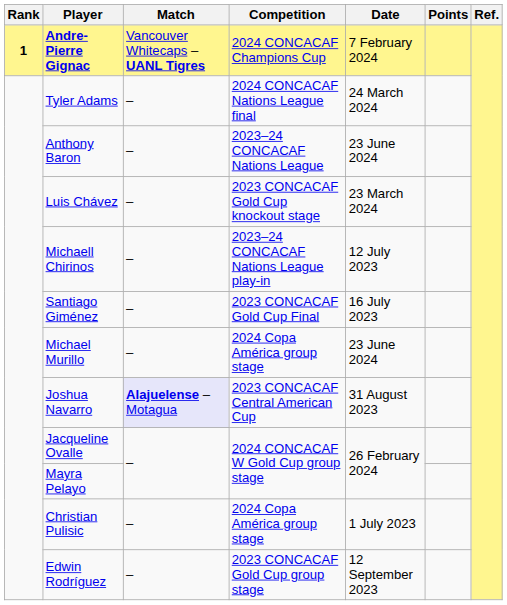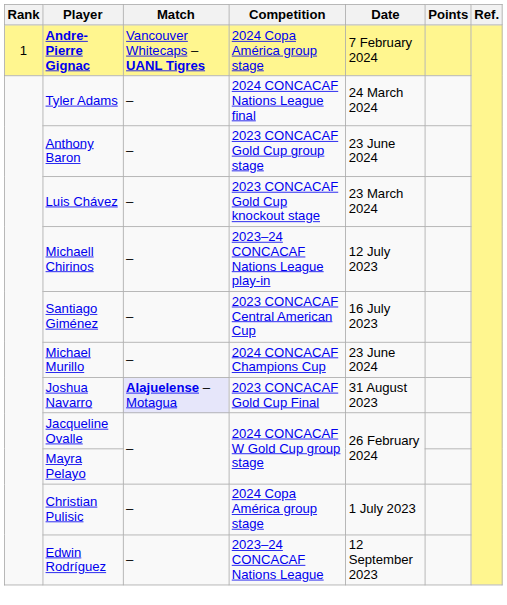 <table class="wikitable">
 <tr>
 <th>Rank</th>
 <th>Player</th>
 <th>Match</th>
 <th>Competition</th>
 <th>Date</th>
 <th>Points</th>
 <th>Ref.</th>
 </tr>
 <tr bgcolor="#FFF68F">
-<td align="center"><strong>1</strong></td>
+<td align="center">1</td>
 <td><strong> <a href='#'>Andre-Pierre Gignac</a></strong></td>
 <td><a href='#'>Vancouver Whitecaps</a> – <strong><a href='#'>UANL Tigres</a></strong></td>
-<td><a href='#'>2024 CONCACAF Champions Cup</a></td>
+<td><a href='#'>2024 Copa América group stage</a></td>
 <td>7 February 2024</td>
 <td align="center"></td>
 <td rowspan=12></td>
 </tr>
 <tr>
 <td rowspan=11></td>
 <td> <a href='#'>Tyler Adams</a></td>
 <td><strong></strong> – </td>
 <td><a href='#'>2024 CONCACAF Nations League final</a></td>
 <td>24 March 2024</td>
 <td align="center"></td>
 </tr>
 <tr>
 <td> <a href='#'>Anthony Baron</a></td>
 <td> – <strong></strong></td>
-<td><a href='#'>2023–24 CONCACAF Nations League</a></td>
+<td><a href='#'>2023 CONCACAF Gold Cup group stage</a></td>
 <td>23 June 2024</td>
 <td align="center"></td>
 </tr>
 <tr>
 <td> <a href='#'>Luis Chávez</a></td>
 <td> – <strong></strong></td>
 <td><a href='#'>2023 CONCACAF Gold Cup knockout stage</a></td>
 <td>23 March 2024</td>
 <td align="center"></td>
 </tr>
 <tr>
 <td> <a href='#'>Michaell Chirinos</a></td>
 <td> – <strong></strong></td>
 <td><a href='#'>2023–24 CONCACAF Nations League play-in</a></td>
 <td>12 July 2023</td>
 <td align="center"></td>
 </tr>
 <tr>
 <td> <a href='#'>Santiago Giménez</a></td>
 <td> – <strong></strong></td>
-<td><a href='#'>2023 CONCACAF Gold Cup Final</a></td>
+<td><a href='#'>2023 CONCACAF Central American Cup</a></td>
 <td>16 July 2023</td>
 <td align="center"></td>
 </tr>
 <tr>
 <td> <a href='#'>Michael Murillo</a></td>
 <td> – <strong></strong></td>
-<td><a href='#'>2024 Copa América group stage</a></td>
+<td><a href='#'>2024 CONCACAF Champions Cup</a></td>
 <td>23 June 2024</td>
 <td align="center"></td>
 </tr>
 <tr>
 <td> <a href='#'>Joshua Navarro</a></td>
 <td style="background: lavender;"><strong><a href='#'>Alajuelense</a></strong> – <a href='#'>Motagua</a></td>
-<td><a href='#'>2023 CONCACAF Central American Cup</a></td>
+<td><a href='#'>2023 CONCACAF Gold Cup Final</a></td>
 <td>31 August 2023</td>
 <td align="center"></td>
 </tr>
 <tr>
 <td> <a href='#'>Jacqueline Ovalle</a></td>
 <td rowspan=2> – </td>
 <td rowspan=2><a href='#'>2024 CONCACAF W Gold Cup group stage</a></td>
 <td rowspan=2>26 February 2024</td>
 <td align="center"></td>
 </tr>
 <tr>
 <td> <a href='#'>Mayra Pelayo</a></td>
 <td align="center"></td>
 </tr>
 <tr>
 <td> <a href='#'>Christian Pulisic</a></td>
 <td><strong></strong> – </td>
 <td><a href='#'>2024 Copa América group stage</a></td>
 <td>1 July 2023</td>
 <td align="center"></td>
 </tr>
 <tr>
 <td> <a href='#'>Edwin Rodríguez</a></td>
 <td><strong></strong> – </td>
-<td><a href='#'>2023 CONCACAF Gold Cup group stage</a></td>
+<td><a href='#'>2023–24 CONCACAF Nations League</a></td>
 <td>12 September 2023</td>
 <td align="center"></td>
 </tr>
 </table>
